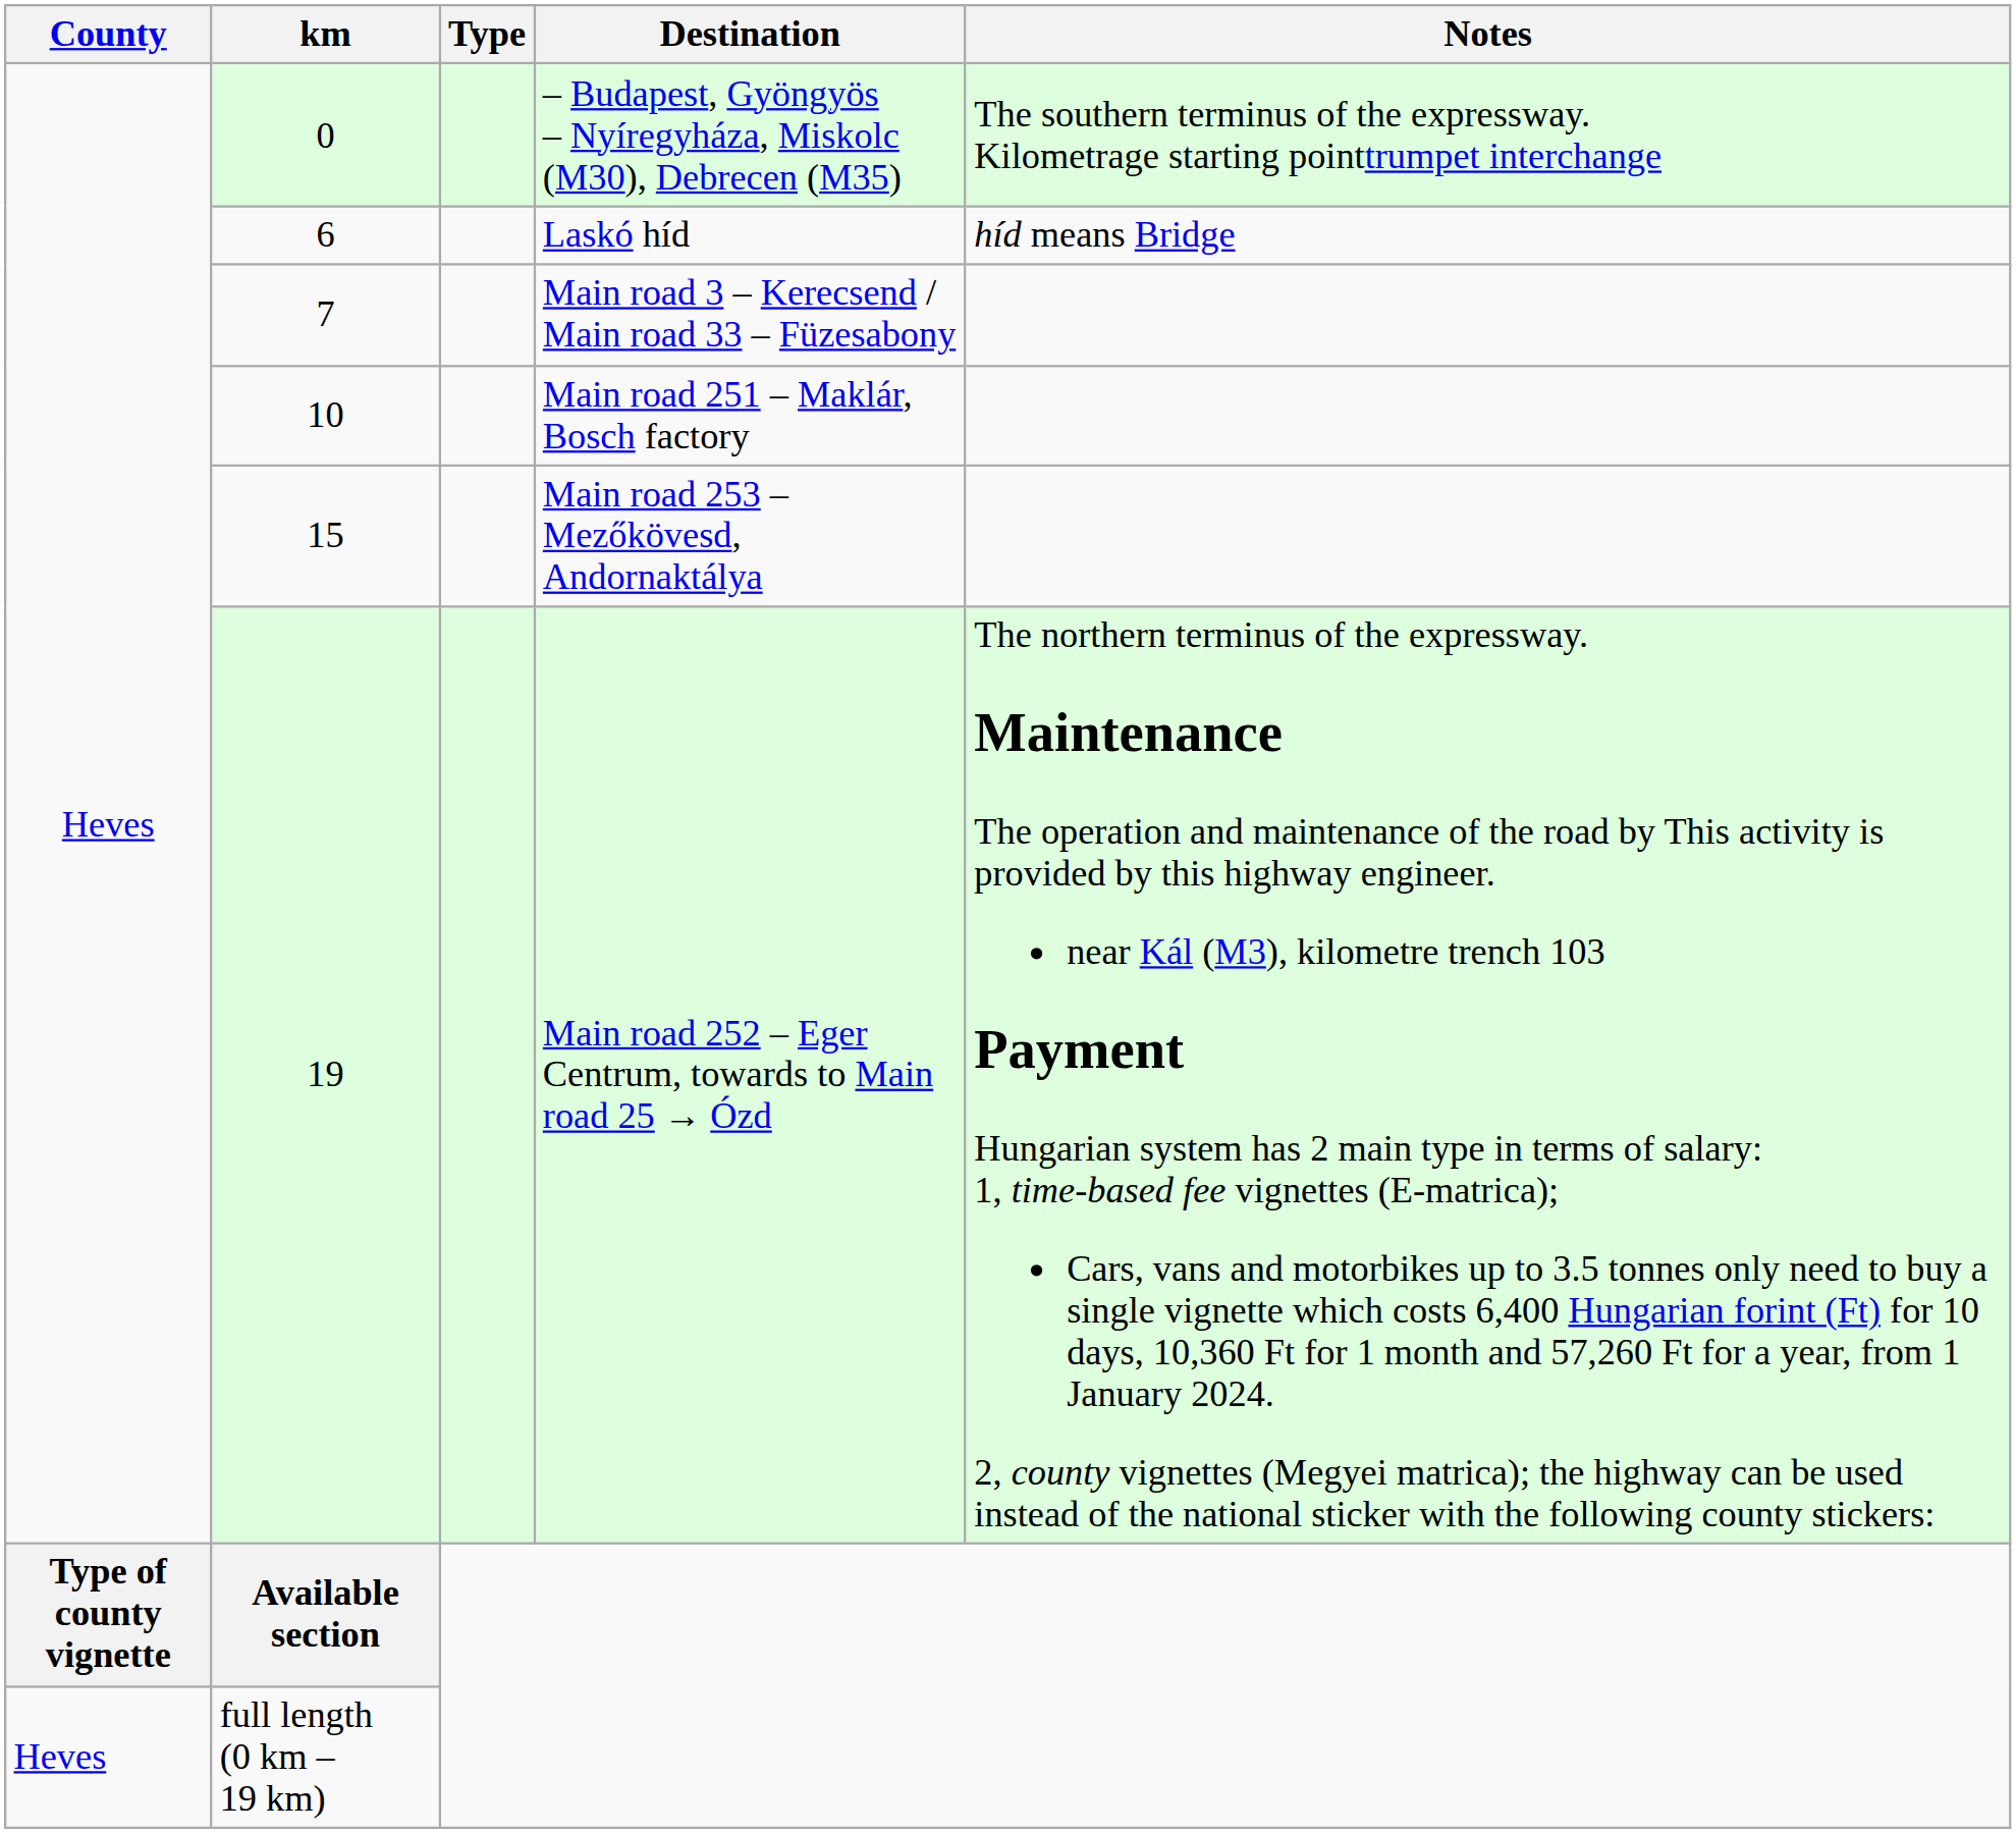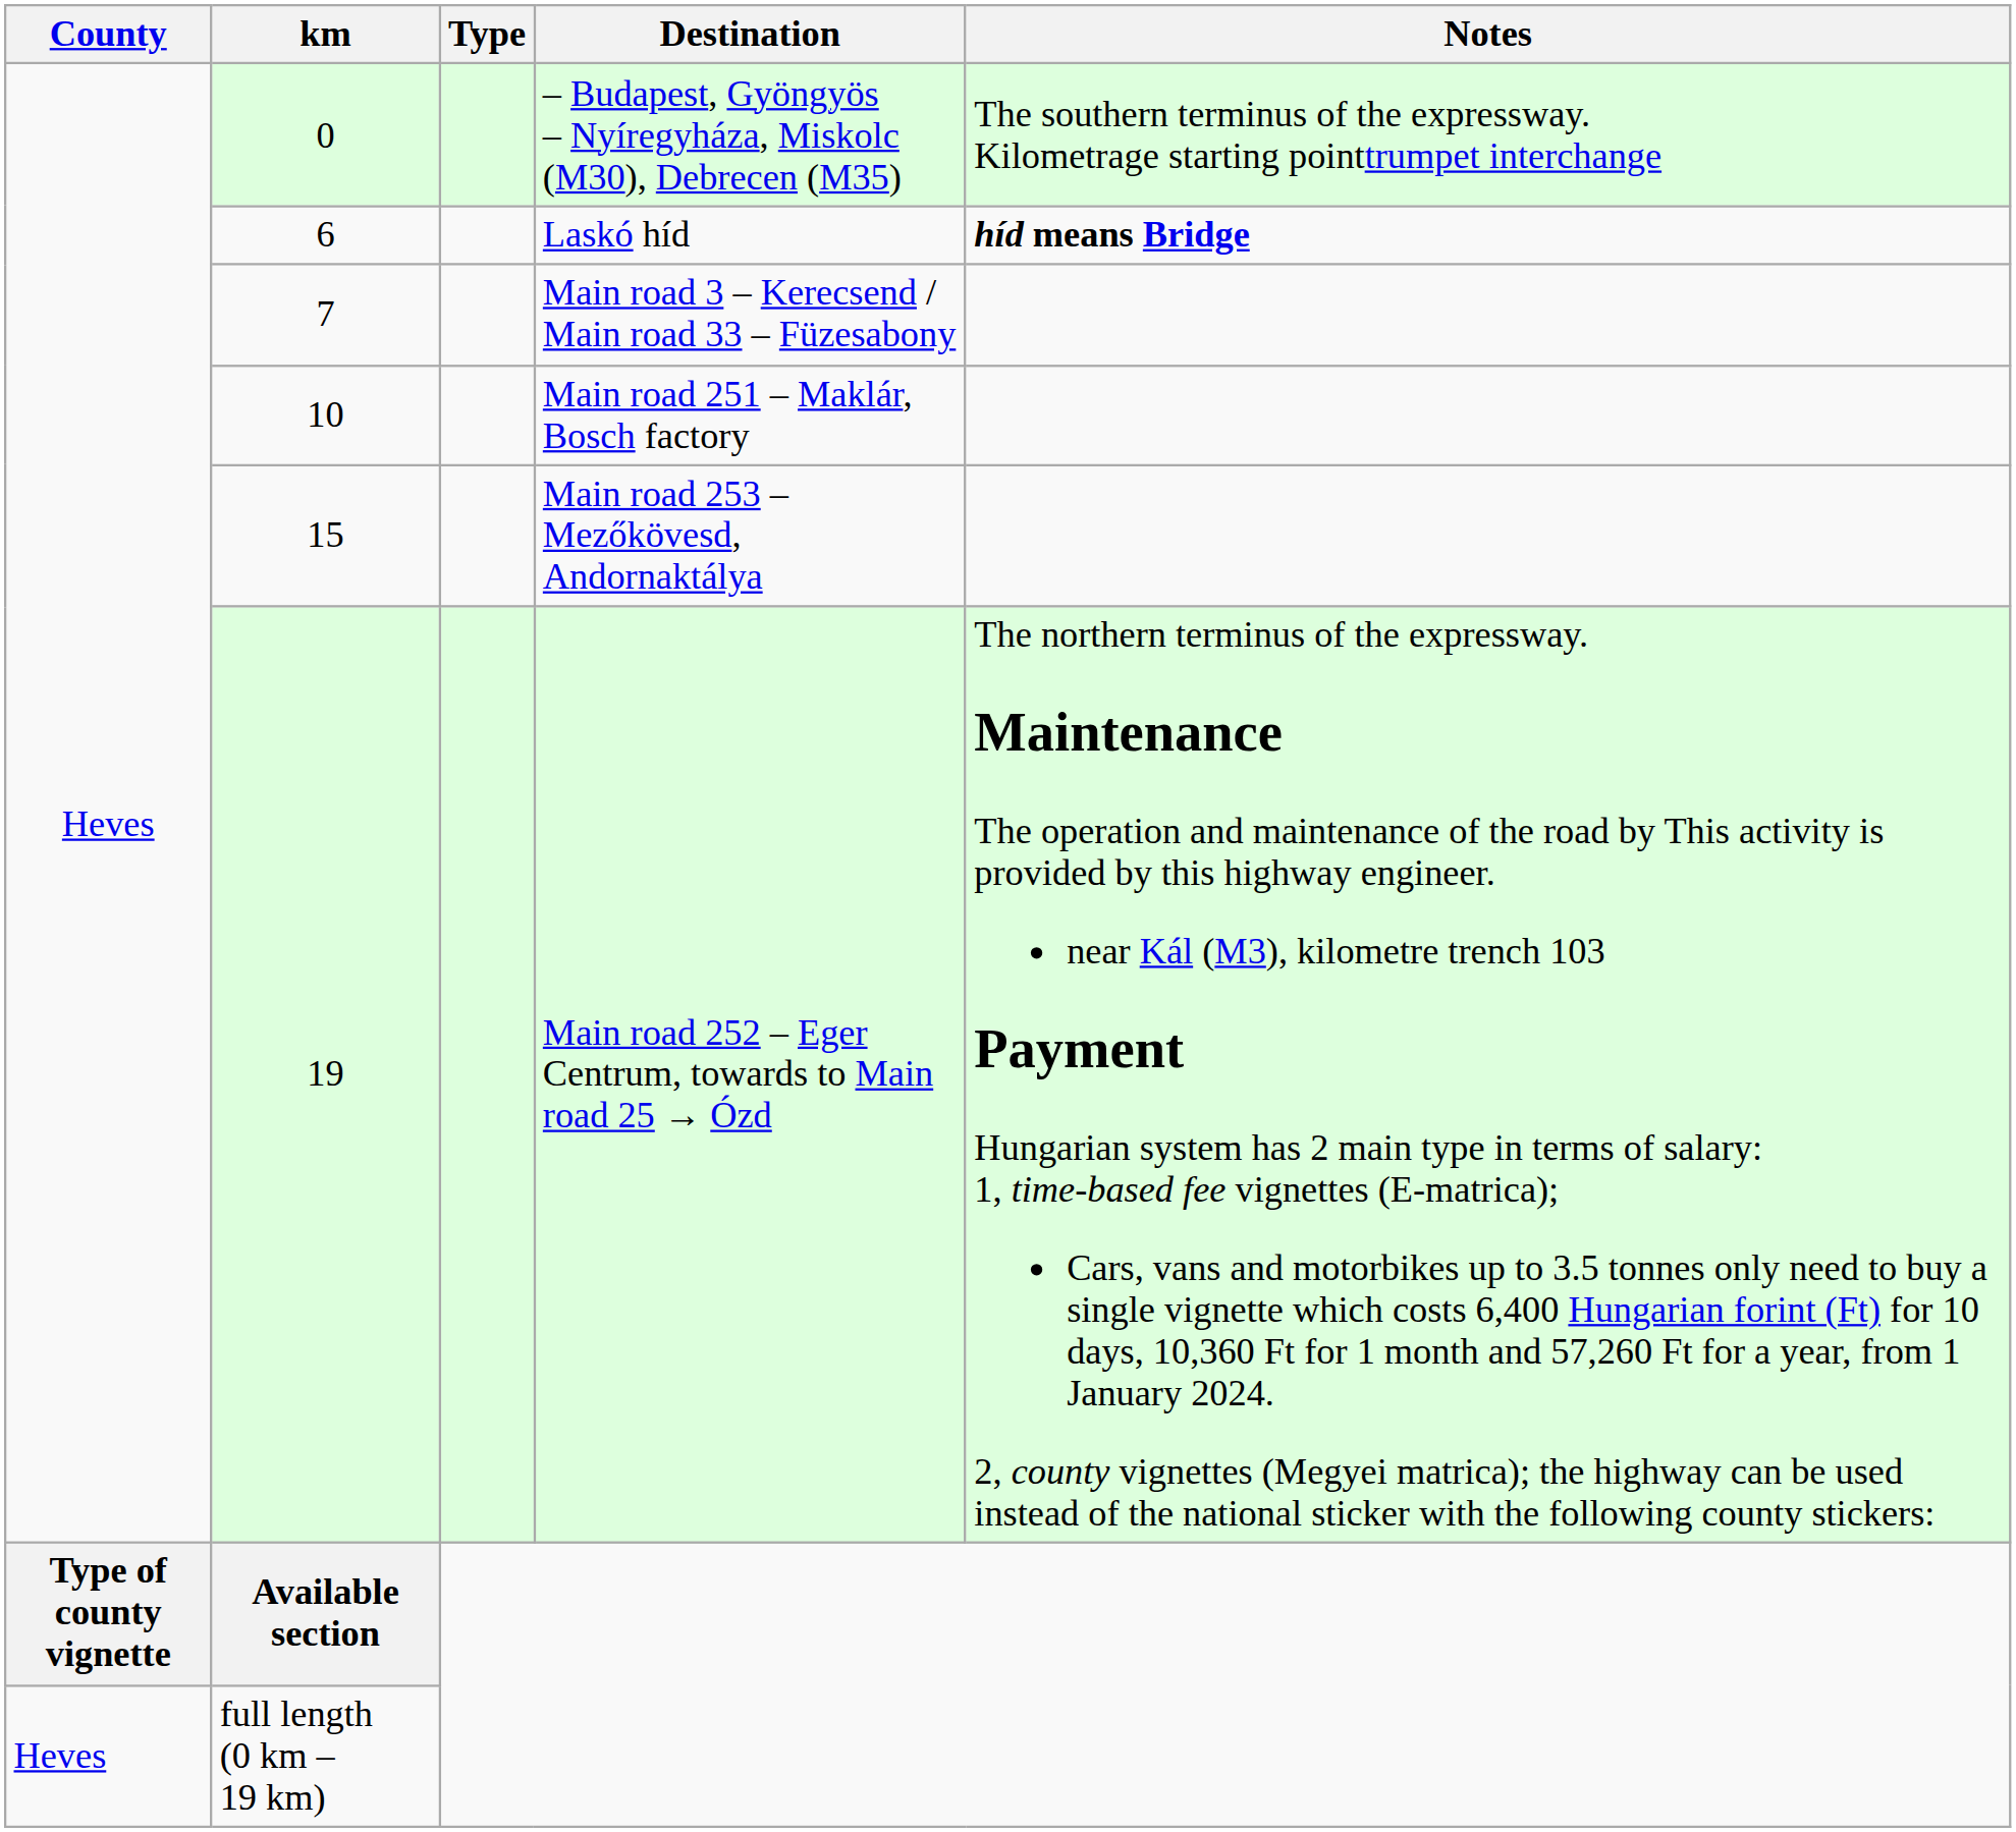 <table class="wikitable">
 <tr>
 <th scope="col"><a href='#'>County</a></th>
 <th scope="col">km</th>
 <th scope="col">Type</th>
 <th scope="col">Destination</th>
 <th scope="col">Notes</th>
 </tr>
 <tr>
 <td rowspan=6; align=center><br><a href='#'>Heves</a></td>
 <td style="background:#dfd;" align=center>0</td>
 <td style="background:#dfd;" align=center></td>
 <td style="background:#dfd;"> – <a href='#'>Budapest</a>, <a href='#'>Gyöngyös</a><br> – <a href='#'>Nyíregyháza</a>, <a href='#'>Miskolc</a> (<a href='#'>M30</a>), <a href='#'>Debrecen</a> (<a href='#'>M35</a>)</td>
 <td style="background:#dfd;">The southern terminus of the  expressway.<br>Kilometrage starting point<a href='#'>trumpet interchange</a></td>
 </tr>
 <tr>
 <td align=center>6</td>
 <td align=center></td>
 <td><a href='#'>Laskó</a> híd</td>
-<td><em>híd</em> means <a href='#'>Bridge</a></td>
+<td><strong><em>híd</em> means <a href='#'>Bridge</a></strong></td>
 </tr>
 <tr>
 <td align=center>7</td>
 <td align=center></td>
 <td> <a href='#'>Main road 3</a> – <a href='#'>Kerecsend</a> /  <a href='#'>Main road 33</a> – <a href='#'>Füzesabony</a></td>
 <td></td>
 </tr>
 <tr>
 <td align=center>10</td>
 <td align=center></td>
 <td><a href='#'>Main road 251</a> – <a href='#'>Maklár</a>, <a href='#'>Bosch</a> factory</td>
 <td></td>
 </tr>
 <tr>
 <td align=center>15</td>
 <td align=center></td>
 <td> <a href='#'>Main road 253</a> – <a href='#'>Mezőkövesd</a>, <a href='#'>Andornaktálya</a></td>
 <td></td>
 </tr>
 <tr>
 <td style="background:#dfd;" align=center>19</td>
 <td style="background:#dfd;" align=center></td>
 <td style="background:#dfd;"> <a href='#'>Main road 252</a> – <a href='#'>Eger</a> Centrum, towards to  <a href='#'>Main road 25</a> → <a href='#'>Ózd</a></td>
 <td style="background:#dfd;">The northern terminus of the expressway.<br><h2>Maintenance</h2>The operation and maintenance of the road by  This activity is provided by this highway engineer.<ul><li>near <a href='#'>Kál</a> (<a href='#'>M3</a>), kilometre trench 103</li></ul><h2>Payment</h2>Hungarian system has 2 main type in terms of salary:<br>1, <em>time-based fee</em> vignettes (E-matrica);<ul><li>Cars, vans and motorbikes up to 3.5 tonnes only need to buy a single vignette which costs 6,400 <a href='#'>Hungarian forint (Ft)</a> for 10 days, 10,360 Ft for 1 month and 57,260 Ft for a year, from 1 January 2024.</li></ul>2, <em>county</em> vignettes (Megyei matrica); the highway can be used instead of the national sticker with the following county stickers:</td>
 </tr>
 <tr>
 <th>Type of county vignette</th>
 <th>Available section</th>
 </tr>
 <tr>
 <td><a href='#'>Heves</a></td>
 <td>full length (0 km – 19 km)</td>
 </tr>
 </table>
